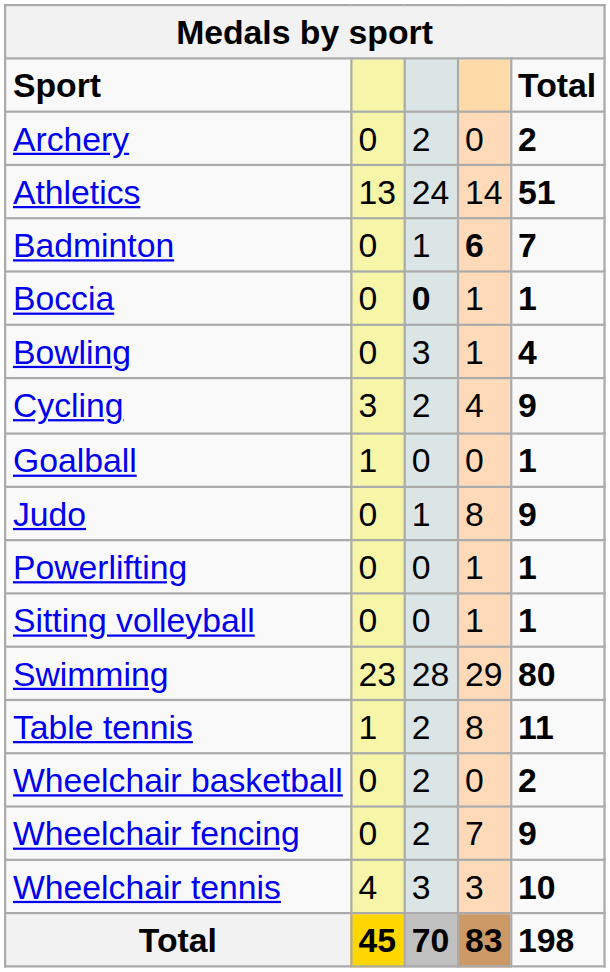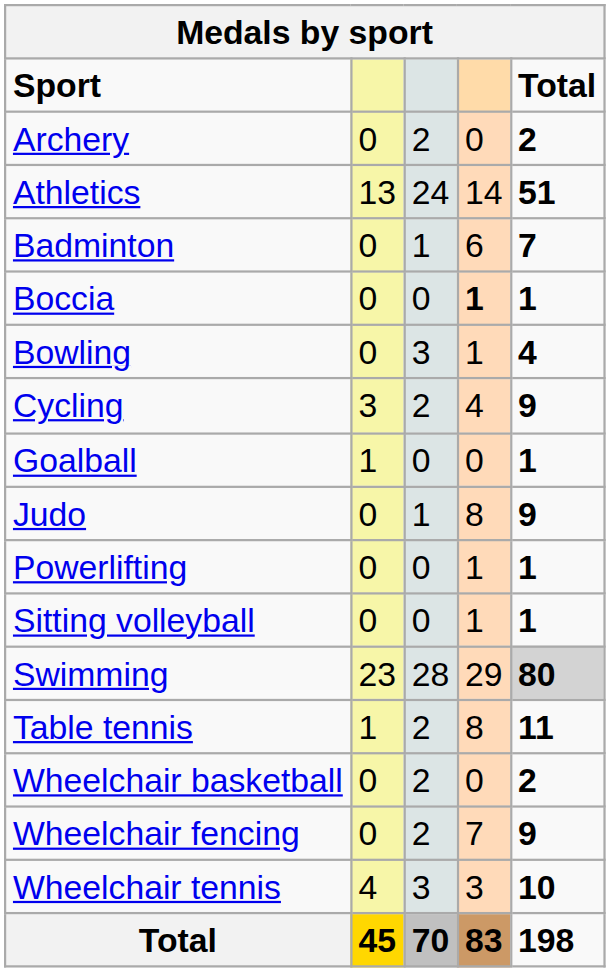 <table class=wikitable style="font-size:95%; ">
 <tr bgcolor=EFEFEF>
 <th colspan=7><strong>Medals by sport</strong></th>
 </tr>
 <tr>
 <td><strong>Sport</strong></td>
 <td bgcolor=F7F6A8></td>
 <td bgcolor=DCE5E5></td>
 <td bgcolor=FFDBA9></td>
 <td><strong>Total</strong></td>
 </tr>
 <tr>
 <td><a href='#'>Archery</a></td>
 <td bgcolor=F7F6A8>0</td>
 <td bgcolor=DCE5E5>2</td>
 <td bgcolor=FFDAB9>0</td>
 <td><strong>2</strong></td>
 </tr>
 <tr>
 <td><a href='#'>Athletics</a></td>
 <td bgcolor=F7F6A8>13</td>
 <td bgcolor=DCE5E5>24</td>
 <td bgcolor=FFDAB9>14</td>
 <td><strong>51</strong></td>
 </tr>
 <tr>
 <td><a href='#'>Badminton</a></td>
 <td bgcolor=F7F6A8>0</td>
 <td bgcolor=DCE5E5>1</td>
-<td bgcolor=FFDAB9><strong>6</strong></td>
+<td bgcolor=FFDAB9>6</td>
 <td><strong>7</strong></td>
 </tr>
 <tr>
 <td><a href='#'>Boccia</a></td>
 <td bgcolor=F7F6A8>0</td>
-<td bgcolor=DCE5E5><strong>0</strong></td>
-<td bgcolor=FFDAB9>1</td>
+<td bgcolor=DCE5E5>0</td>
+<td bgcolor=FFDAB9><strong>1</strong></td>
 <td><strong>1</strong></td>
 </tr>
 <tr>
 <td><a href='#'>Bowling</a></td>
 <td bgcolor=F7F6A8>0</td>
 <td bgcolor=DCE5E5>3</td>
 <td bgcolor=FFDAB9>1</td>
 <td><strong>4</strong></td>
 </tr>
 <tr>
 <td><a href='#'>Cycling</a></td>
 <td bgcolor=F7F6A8>3</td>
 <td bgcolor=DCE5E5>2</td>
 <td bgcolor=FFDAB9>4</td>
 <td><strong>9</strong></td>
 </tr>
 <tr>
 <td><a href='#'>Goalball</a></td>
 <td bgcolor=F7F6A8>1</td>
 <td bgcolor=DCE5E5>0</td>
 <td bgcolor=FFDAB9>0</td>
 <td><strong>1</strong></td>
 </tr>
 <tr>
 <td><a href='#'>Judo</a></td>
 <td bgcolor=F7F6A8>0</td>
 <td bgcolor=DCE5E5>1</td>
 <td bgcolor=FFDAB9>8</td>
 <td><strong>9</strong></td>
 </tr>
 <tr>
 <td><a href='#'>Powerlifting</a></td>
 <td bgcolor=F7F6A8>0</td>
 <td bgcolor=DCE5E5>0</td>
 <td bgcolor=FFDAB9>1</td>
 <td><strong>1</strong></td>
 </tr>
 <tr>
 <td><a href='#'>Sitting volleyball</a></td>
 <td bgcolor=F7F6A8>0</td>
 <td bgcolor=DCE5E5>0</td>
 <td bgcolor=FFDAB9>1</td>
 <td><strong>1</strong></td>
 </tr>
 <tr>
 <td><a href='#'>Swimming</a></td>
 <td bgcolor=F7F6A8>23</td>
 <td bgcolor=DCE5E5>28</td>
 <td bgcolor=FFDAB9>29</td>
-<td><strong>80</strong></td>
+<td style="background: lightgrey;"><strong>80</strong></td>
 </tr>
 <tr>
 <td><a href='#'>Table tennis</a></td>
 <td bgcolor=F7F6A8>1</td>
 <td bgcolor=DCE5E5>2</td>
 <td bgcolor=FFDAB9>8</td>
 <td><strong>11</strong></td>
 </tr>
 <tr>
 <td><a href='#'>Wheelchair basketball</a></td>
 <td bgcolor=F7F6A8>0</td>
 <td bgcolor=DCE5E5>2</td>
 <td bgcolor=FFDAB9>0</td>
 <td><strong>2</strong></td>
 </tr>
 <tr>
 <td><a href='#'>Wheelchair fencing</a></td>
 <td bgcolor=F7F6A8>0</td>
 <td bgcolor=DCE5E5>2</td>
 <td bgcolor=FFDAB9>7</td>
 <td><strong>9</strong></td>
 </tr>
 <tr>
 <td><a href='#'>Wheelchair tennis</a></td>
 <td bgcolor=F7F6A8>4</td>
 <td bgcolor=DCE5E5>3</td>
 <td bgcolor=FFDAB9>3</td>
 <td><strong>10</strong></td>
 </tr>
 <tr>
 <th><strong>Total</strong></th>
 <td style="background:gold;"><strong>45</strong></td>
 <td style="background:silver;"><strong>70</strong></td>
 <td style="background:#c96;"><strong>83</strong></td>
 <td><strong>198</strong></td>
 </tr>
 </table>
